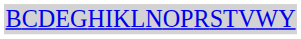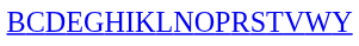 <table id="toc" class="toc" summary="Class">
 <tr>
 <th></th>
 </tr>
 <tr>
-<td style="background: lightgrey; text-align:center;"><a href='#'>B</a><a href='#'>C</a><a href='#'>D</a><a href='#'>E</a><a href='#'>G</a><a href='#'>H</a><a href='#'>I</a><a href='#'>K</a><a href='#'>L</a><a href='#'>N</a><a href='#'>O</a><a href='#'>P</a><a href='#'>R</a><a href='#'>S</a><a href='#'>T</a><a href='#'>V</a><a href='#'>W</a><a href='#'>Y</a></td>
+<td style="text-align:center;"><a href='#'>B</a><a href='#'>C</a><a href='#'>D</a><a href='#'>E</a><a href='#'>G</a><a href='#'>H</a><a href='#'>I</a><a href='#'>K</a><a href='#'>L</a><a href='#'>N</a><a href='#'>O</a><a href='#'>P</a><a href='#'>R</a><a href='#'>S</a><a href='#'>T</a><a href='#'>V</a><a href='#'>W</a><a href='#'>Y</a></td>
 </tr>
 </table>
